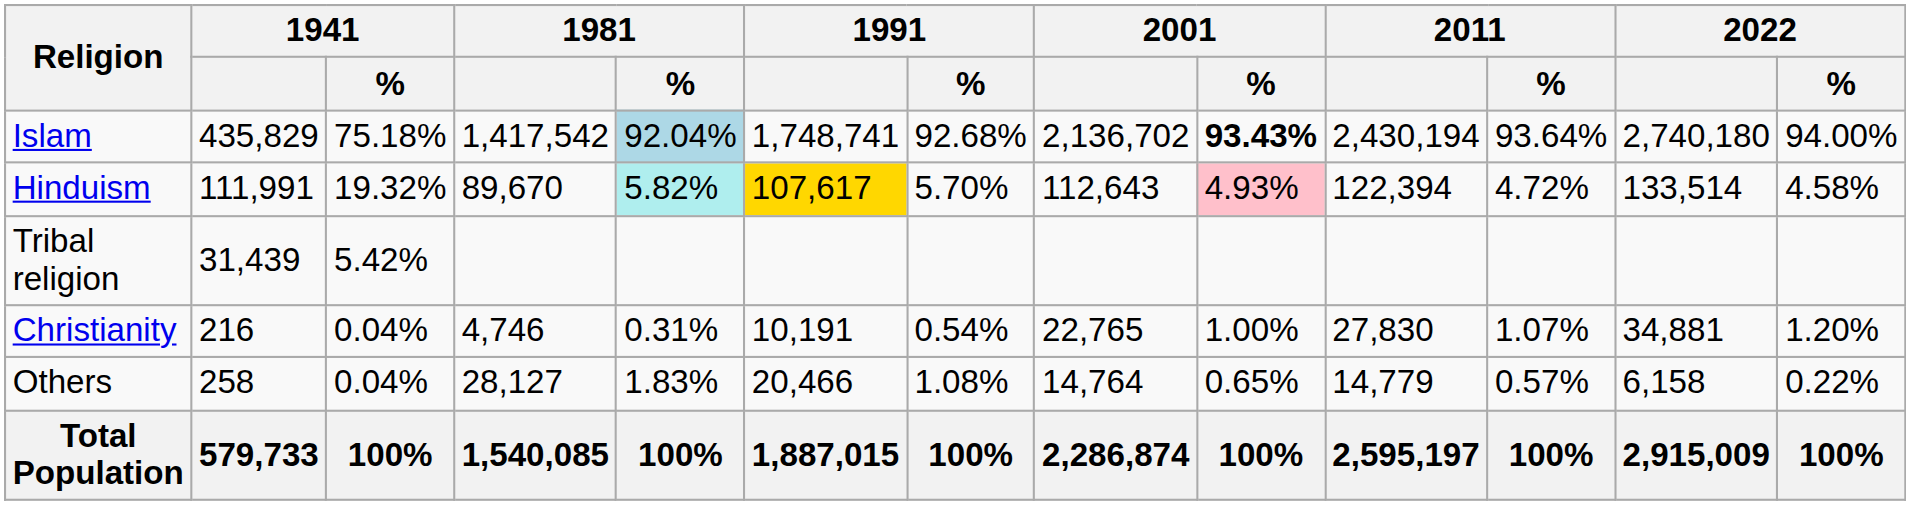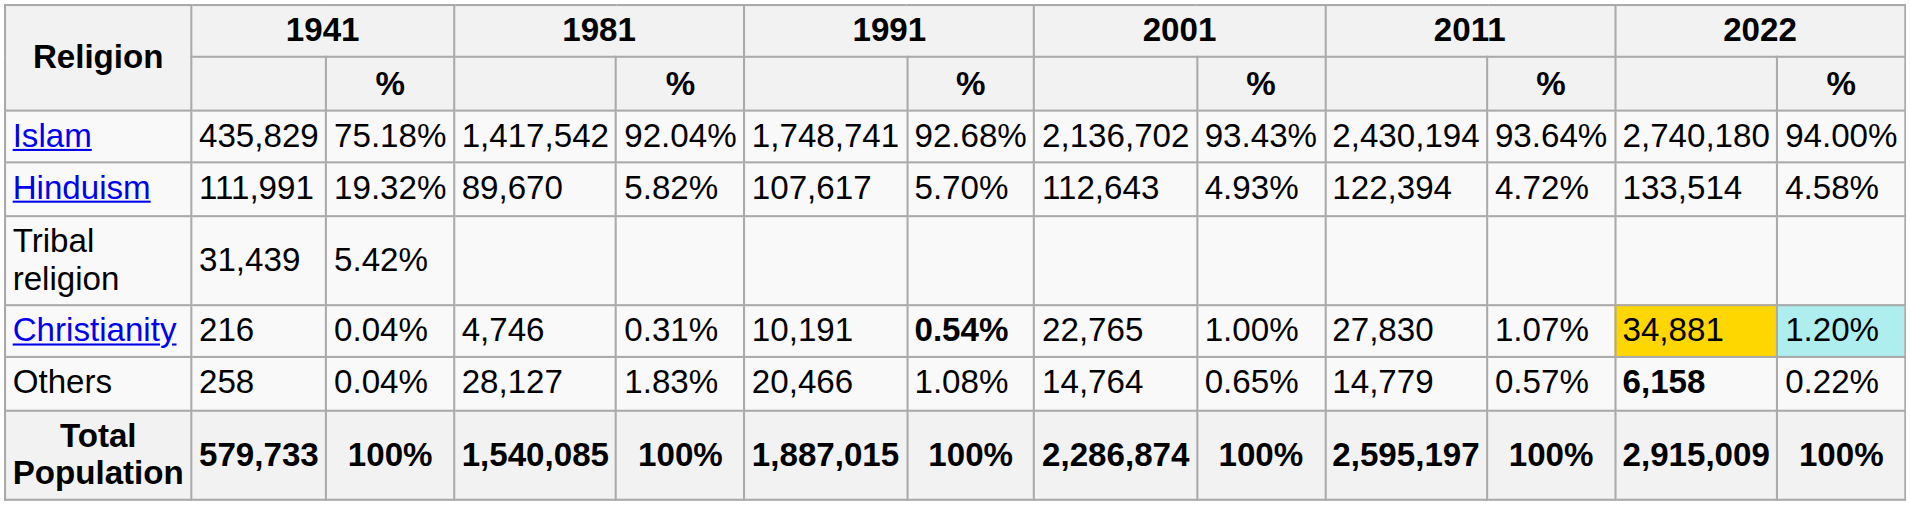 <table class="wikitable sortable">
 <tr>
 <th rowspan="2">Religion</th>
 <th colspan="2">1941</th>
 <th colspan="2">1981</th>
 <th colspan="2">1991</th>
 <th colspan="2">2001</th>
 <th colspan="2">2011</th>
 <th colspan="2">2022</th>
 </tr>
 <tr>
 <th></th>
 <th>%</th>
 <th></th>
 <th>%</th>
 <th></th>
 <th>%</th>
 <th></th>
 <th>%</th>
 <th></th>
 <th>%</th>
 <th></th>
 <th>%</th>
 </tr>
 <tr>
 <td><a href='#'>Islam</a> </td>
 <td>435,829</td>
 <td>75.18%</td>
 <td>1,417,542</td>
-<td style="background: lightblue;">92.04%</td>
+<td>92.04%</td>
 <td>1,748,741</td>
 <td>92.68%</td>
 <td>2,136,702</td>
-<td><strong>93.43%</strong></td>
+<td>93.43%</td>
 <td>2,430,194</td>
 <td>93.64%</td>
 <td>2,740,180</td>
 <td>94.00%</td>
 </tr>
 <tr>
 <td><a href='#'>Hinduism</a> </td>
 <td>111,991</td>
 <td>19.32%</td>
 <td>89,670</td>
-<td style="background: paleturquoise;">5.82%</td>
-<td style="background: gold;">107,617</td>
+<td>5.82%</td>
+<td>107,617</td>
 <td>5.70%</td>
 <td>112,643</td>
-<td style="background: pink;">4.93%</td>
+<td>4.93%</td>
 <td>122,394</td>
 <td>4.72%</td>
 <td>133,514</td>
 <td>4.58%</td>
 </tr>
 <tr>
 <td>Tribal religion</td>
 <td>31,439</td>
 <td>5.42%</td>
 <td></td>
 <td></td>
 <td></td>
 <td></td>
 <td></td>
 <td></td>
 <td></td>
 <td></td>
 <td></td>
 <td></td>
 </tr>
 <tr>
 <td><a href='#'>Christianity</a> </td>
 <td>216</td>
 <td>0.04%</td>
 <td>4,746</td>
 <td>0.31%</td>
 <td>10,191</td>
-<td>0.54%</td>
+<td><strong>0.54%</strong></td>
 <td>22,765</td>
 <td>1.00%</td>
 <td>27,830</td>
 <td>1.07%</td>
-<td>34,881</td>
-<td>1.20%</td>
+<td style="background: gold;">34,881</td>
+<td style="background: paleturquoise;">1.20%</td>
 </tr>
 <tr>
 <td>Others</td>
 <td>258</td>
 <td>0.04%</td>
 <td>28,127</td>
 <td>1.83%</td>
 <td>20,466</td>
 <td>1.08%</td>
 <td>14,764</td>
 <td>0.65%</td>
 <td>14,779</td>
 <td>0.57%</td>
-<td>6,158</td>
+<td><strong>6,158</strong></td>
 <td>0.22%</td>
 </tr>
 <tr>
 <th>Total Population</th>
 <th>579,733</th>
 <th>100%</th>
 <th>1,540,085</th>
 <th>100%</th>
 <th>1,887,015</th>
 <th>100%</th>
 <th>2,286,874</th>
 <th>100%</th>
 <th>2,595,197</th>
 <th>100%</th>
 <th>2,915,009</th>
 <th>100%</th>
 </tr>
 </table>
